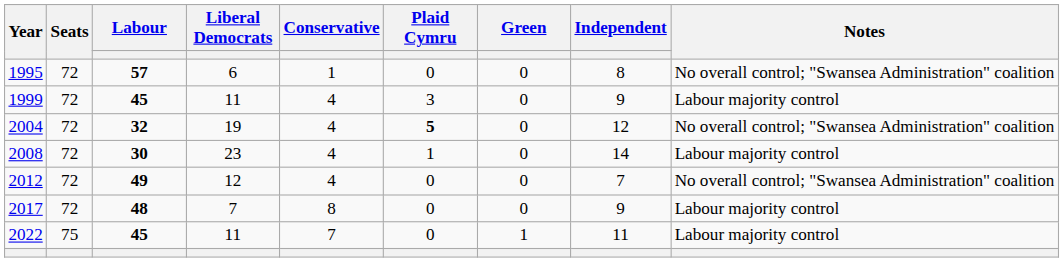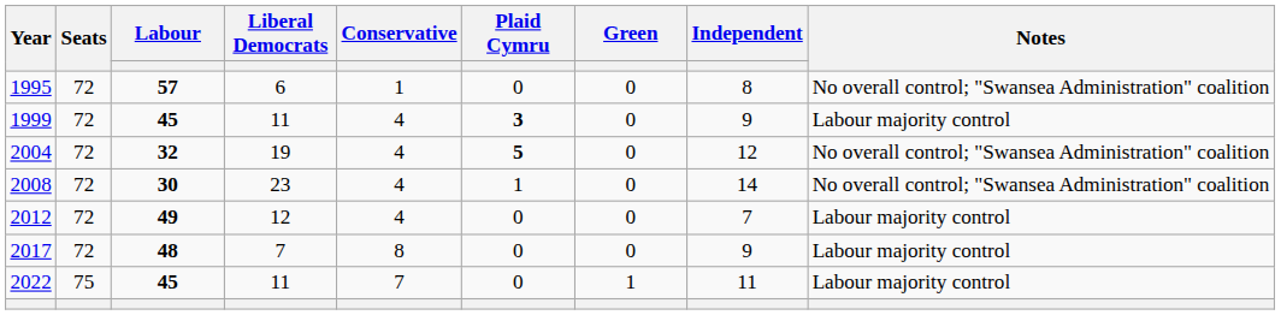 <table class="wikitable" style=text-align:center>
 <tr>
 <th rowspan=2>Year</th>
 <th rowspan=2>Seats</th>
 <th width="80"><a href='#'>Labour</a></th>
 <th width="80"><a href='#'>Liberal Democrats</a></th>
 <th width="80"><a href='#'>Conservative</a></th>
 <th width="80"><a href='#'>Plaid Cymru</a></th>
 <th width="80"><a href='#'>Green</a></th>
 <th width="80"><a href='#'>Independent</a></th>
 <th rowspan=2>Notes</th>
 </tr>
 <tr>
 <th style="background-color: "></th>
 <th style="background-color: "></th>
 <th style="background-color: "></th>
 <th style="background-color: "></th>
 <th style="background-color: "></th>
 <th style="background-color: "></th>
 </tr>
 <tr>
 <td><a href='#'>1995</a></td>
 <td>72</td>
 <td><strong>57</strong></td>
 <td>6</td>
 <td>1</td>
 <td>0</td>
 <td>0</td>
 <td>8</td>
 <td align=left>No overall control; "Swansea Administration" coalition</td>
 </tr>
 <tr>
 <td><a href='#'>1999</a></td>
 <td>72</td>
 <td><strong>45</strong></td>
 <td>11</td>
 <td>4</td>
-<td>3</td>
+<td><strong>3</strong></td>
 <td>0</td>
 <td>9</td>
 <td align=left>Labour majority control</td>
 </tr>
 <tr>
 <td><a href='#'>2004</a></td>
 <td>72</td>
 <td><strong>32</strong></td>
 <td>19</td>
 <td>4</td>
 <td><strong>5</strong></td>
 <td>0</td>
 <td>12</td>
 <td align=left>No overall control; "Swansea Administration" coalition</td>
 </tr>
 <tr>
 <td><a href='#'>2008</a></td>
 <td>72</td>
 <td><strong>30</strong></td>
 <td>23</td>
 <td>4</td>
 <td>1</td>
 <td>0</td>
 <td>14</td>
-<td align=left>Labour majority control</td>
+<td align=left>No overall control; "Swansea Administration" coalition</td>
 </tr>
 <tr>
 <td><a href='#'>2012</a></td>
 <td>72</td>
 <td><strong>49</strong></td>
 <td>12</td>
 <td>4</td>
 <td>0</td>
 <td>0</td>
 <td>7</td>
-<td align=left>No overall control; "Swansea Administration" coalition</td>
+<td align=left>Labour majority control</td>
 </tr>
 <tr>
 <td><a href='#'>2017</a></td>
 <td>72</td>
 <td><strong>48</strong></td>
 <td>7</td>
 <td>8</td>
 <td>0</td>
 <td>0</td>
 <td>9</td>
 <td align=left>Labour majority control</td>
 </tr>
 <tr>
 <td><a href='#'>2022</a></td>
 <td>75</td>
 <td><strong>45</strong></td>
 <td>11</td>
 <td>7</td>
 <td>0</td>
 <td>1</td>
 <td>11</td>
 <td align=left>Labour majority control</td>
 </tr>
 <tr>
 <th></th>
 <th></th>
 <th style="background-color: "></th>
 <th style="background-color: "></th>
 <th style="background-color: "></th>
 <th style="background-color: "></th>
 <th style="background-color: "></th>
 <th style="background-color: "></th>
 <th></th>
 </tr>
 </table>
